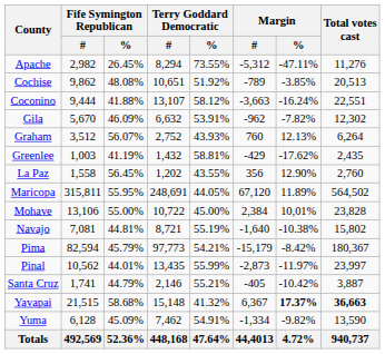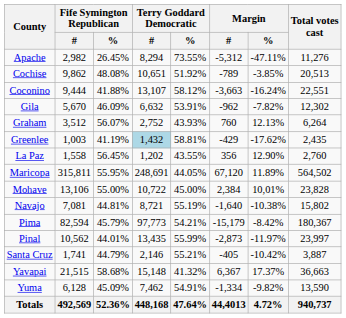 <table class="wikitable sortable">
 <tr>
 <th rowspan="2">County</th>
 <th style="text-align:center;" colspan="2">Fife Symington<br>Republican</th>
 <th style="text-align:center;" colspan="2">Terry Goddard<br>Democratic</th>
 <th style="text-align:center;" colspan="2">Margin</th>
 <th style="text-align:center;" rowspan="2">Total votes<br>cast</th>
 </tr>
 <tr>
 <th style="text-align:center;" data-sort-type="number">#</th>
 <th style="text-align:center;" data-sort-type="number">%</th>
 <th style="text-align:center;" data-sort-type="number">#</th>
 <th style="text-align:center;" data-sort-type="number">%</th>
 <th style="text-align:center;" data-sort-type="number">#</th>
 <th style="text-align:center;" data-sort-type="number">%</th>
 </tr>
 <tr style="text-align:center;">
 <td><a href='#'>Apache</a></td>
 <td>2,982</td>
 <td>26.45%</td>
 <td>8,294</td>
 <td>73.55%</td>
 <td>-5,312</td>
 <td>-47.11%</td>
 <td>11,276</td>
 </tr>
 <tr style="text-align:center;">
 <td><a href='#'>Cochise</a></td>
 <td>9,862</td>
 <td>48.08%</td>
 <td>10,651</td>
 <td>51.92%</td>
 <td>-789</td>
 <td>-3.85%</td>
 <td>20,513</td>
 </tr>
 <tr style="text-align:center;">
 <td><a href='#'>Coconino</a></td>
 <td>9,444</td>
 <td>41.88%</td>
 <td>13,107</td>
 <td>58.12%</td>
 <td>-3,663</td>
 <td>-16.24%</td>
 <td>22,551</td>
 </tr>
 <tr style="text-align:center;">
 <td><a href='#'>Gila</a></td>
 <td>5,670</td>
 <td>46.09%</td>
 <td>6,632</td>
 <td>53.91%</td>
 <td>-962</td>
 <td>-7.82%</td>
 <td>12,302</td>
 </tr>
 <tr style="text-align:center;">
 <td><a href='#'>Graham</a></td>
 <td>3,512</td>
 <td>56.07%</td>
 <td>2,752</td>
 <td>43.93%</td>
 <td>760</td>
 <td>12.13%</td>
 <td>6,264</td>
 </tr>
 <tr style="text-align:center;">
 <td><a href='#'>Greenlee</a></td>
 <td>1,003</td>
 <td>41.19%</td>
-<td>1,432</td>
+<td style="background: lightblue;">1,432</td>
 <td>58.81%</td>
 <td>-429</td>
 <td>-17.62%</td>
 <td>2,435</td>
 </tr>
 <tr style="text-align:center;">
 <td><a href='#'>La Paz</a></td>
 <td>1,558</td>
 <td>56.45%</td>
 <td>1,202</td>
 <td>43.55%</td>
 <td>356</td>
 <td>12.90%</td>
 <td>2,760</td>
 </tr>
 <tr style="text-align:center;">
 <td><a href='#'>Maricopa</a></td>
 <td>315,811</td>
 <td>55.95%</td>
 <td>248,691</td>
 <td>44.05%</td>
 <td>67,120</td>
 <td>11.89%</td>
 <td>564,502</td>
 </tr>
 <tr style="text-align:center;">
 <td><a href='#'>Mohave</a></td>
 <td>13,106</td>
 <td>55.00%</td>
 <td>10,722</td>
 <td>45.00%</td>
 <td>2,384</td>
 <td>10,01%</td>
 <td>23,828</td>
 </tr>
 <tr style="text-align:center;">
 <td><a href='#'>Navajo</a></td>
 <td>7,081</td>
 <td>44.81%</td>
 <td>8,721</td>
 <td>55.19%</td>
 <td>-1,640</td>
 <td>-10.38%</td>
 <td>15,802</td>
 </tr>
 <tr style="text-align:center;">
 <td><a href='#'>Pima</a></td>
 <td>82,594</td>
 <td>45.79%</td>
 <td>97,773</td>
 <td>54.21%</td>
 <td>-15,179</td>
 <td>-8.42%</td>
 <td>180,367</td>
 </tr>
 <tr style="text-align:center;">
 <td><a href='#'>Pinal</a></td>
 <td>10,562</td>
 <td>44.01%</td>
 <td>13,435</td>
 <td>55.99%</td>
 <td>-2,873</td>
 <td>-11.97%</td>
 <td>23,997</td>
 </tr>
 <tr style="text-align:center;">
 <td><a href='#'>Santa Cruz</a></td>
 <td>1,741</td>
 <td>44.79%</td>
 <td>2,146</td>
 <td>55.21%</td>
 <td>-405</td>
 <td>-10.42%</td>
 <td>3,887</td>
 </tr>
 <tr style="text-align:center;">
 <td><a href='#'>Yavapai</a></td>
 <td>21,515</td>
 <td>58.68%</td>
 <td>15,148</td>
 <td>41.32%</td>
 <td>6,367</td>
-<td><strong>17.37%</strong></td>
-<td><strong>36,663</strong></td>
+<td>17.37%</td>
+<td>36,663</td>
 </tr>
 <tr style="text-align:center;">
 <td><a href='#'>Yuma</a></td>
 <td>6,128</td>
 <td>45.09%</td>
 <td>7,462</td>
 <td>54.91%</td>
 <td>-1,334</td>
 <td>-9.82%</td>
 <td>13,590</td>
 </tr>
 <tr style="text-align:center;">
 <th>Totals</th>
 <th>492,569</th>
 <th>52.36%</th>
 <th>448,168</th>
 <th>47.64%</th>
 <th>44,4013</th>
 <th>4.72%</th>
 <th>940,737</th>
 </tr>
 </table>
